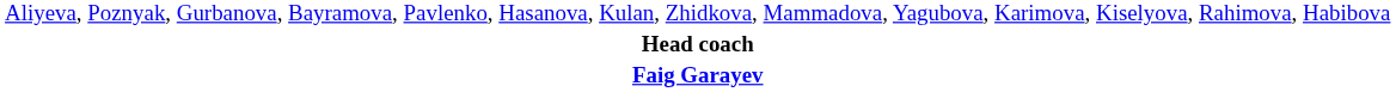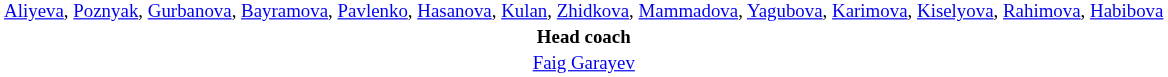 <table style="text-align: center; margin-top: 2em; margin-left: auto; margin-right: auto">
 <tr>
 <td><a href='#'>Aliyeva</a>, <a href='#'>Poznyak</a>, <a href='#'>Gurbanova</a>, <a href='#'>Bayramova</a>, <a href='#'>Pavlenko</a>, <a href='#'>Hasanova</a>, <a href='#'>Kulan</a>, <a href='#'>Zhidkova</a>, <a href='#'>Mammadova</a>, <a href='#'>Yagubova</a>, <a href='#'>Karimova</a>, <a href='#'>Kiselyova</a>, <a href='#'>Rahimova</a>, <a href='#'>Habibova</a></td>
 </tr>
 <tr>
 <td><strong>Head coach</strong></td>
 </tr>
 <tr>
-<td><strong><a href='#'>Faig Garayev</a></strong></td>
+<td><a href='#'>Faig Garayev</a></td>
 </tr>
 </table>
